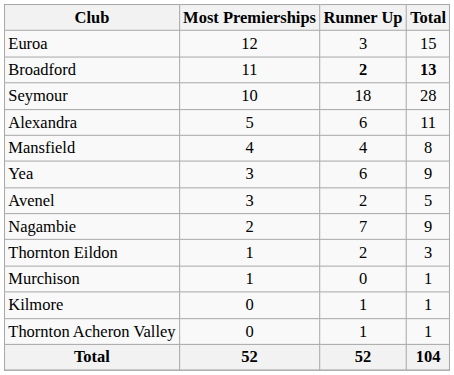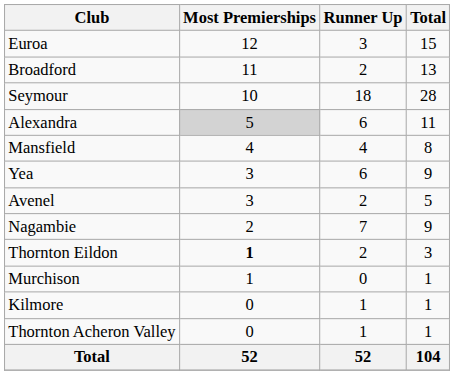 <table class="wikitable sortable">
 <tr>
 <th>Club</th>
 <th><span><strong>Most Premierships</strong></span></th>
 <th>Runner Up</th>
 <th>Total</th>
 </tr>
 <tr>
 <td>Euroa</td>
 <td align=center>12</td>
 <td align=center>3</td>
 <td align=center>15</td>
 </tr>
 <tr>
 <td>Broadford</td>
 <td align=center>11</td>
-<td align=center><strong>2</strong></td>
-<td align=center><strong>13</strong></td>
+<td align=center>2</td>
+<td align=center>13</td>
 </tr>
 <tr>
 <td>Seymour</td>
 <td align=center>10</td>
 <td align=center>18</td>
 <td align=center>28</td>
 </tr>
 <tr>
 <td>Alexandra</td>
-<td align=center>5</td>
+<td align=center style="background: lightgrey;">5</td>
 <td align=center>6</td>
 <td align=center>11</td>
 </tr>
 <tr>
 <td>Mansfield</td>
 <td align=center>4</td>
 <td align=center>4</td>
 <td align=center>8</td>
 </tr>
 <tr>
 <td>Yea</td>
 <td align=center>3</td>
 <td align=center>6</td>
 <td align=center>9</td>
 </tr>
 <tr>
 <td>Avenel</td>
 <td align=center>3</td>
 <td align=center>2</td>
 <td align=center>5</td>
 </tr>
 <tr>
 <td>Nagambie</td>
 <td align=center>2</td>
 <td align=center>7</td>
 <td align=center>9</td>
 </tr>
 <tr>
 <td>Thornton Eildon</td>
-<td align=center>1</td>
+<td align=center><strong>1</strong></td>
 <td align=center>2</td>
 <td align=center>3</td>
 </tr>
 <tr>
 <td>Murchison</td>
 <td align=center>1</td>
 <td align=center>0</td>
 <td align=center>1</td>
 </tr>
 <tr>
 <td>Kilmore</td>
 <td align=center>0</td>
 <td align=center>1</td>
 <td align=center>1</td>
 </tr>
 <tr>
 <td>Thornton Acheron Valley</td>
 <td align=center>0</td>
 <td align=center>1</td>
 <td align=center>1</td>
 </tr>
 <tr>
 <th><strong>Total</strong></th>
 <th align=center>52</th>
 <th align=center>52</th>
 <th align=center>104</th>
 </tr>
 <tr>
 </tr>
 </table>
